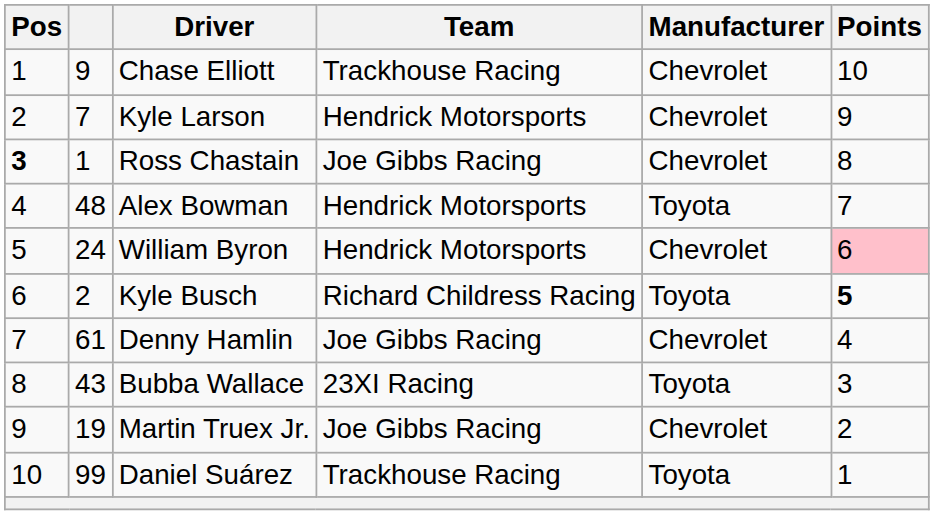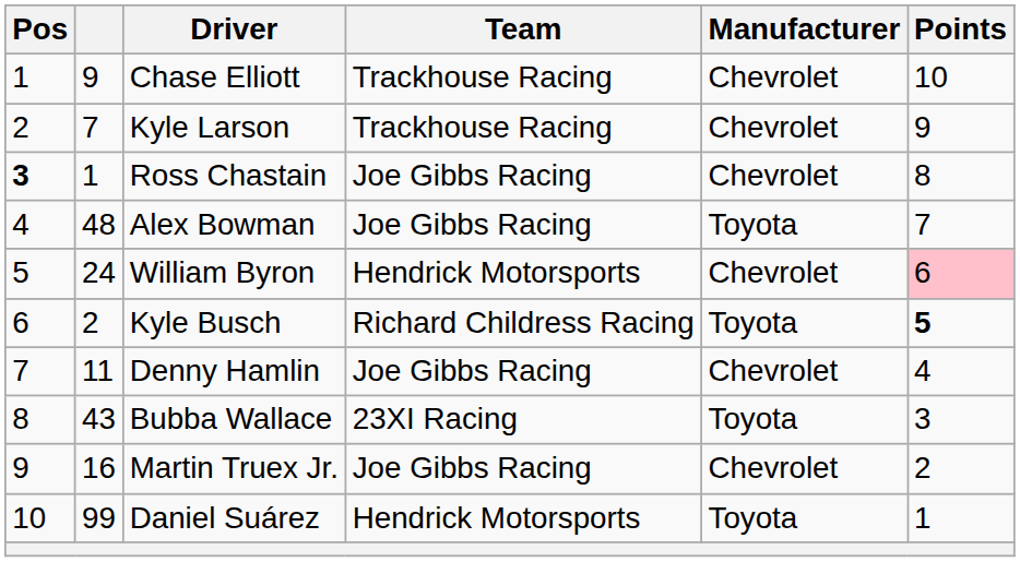 <table class="wikitable" style="font-size:98%">
 <tr>
 <th>Pos</th>
 <th></th>
 <th>Driver</th>
 <th>Team</th>
 <th>Manufacturer</th>
 <th>Points</th>
 </tr>
 <tr>
 <td>1</td>
 <td>9</td>
 <td>Chase Elliott</td>
 <td>Trackhouse Racing</td>
 <td>Chevrolet</td>
 <td>10</td>
 </tr>
 <tr>
 <td>2</td>
 <td>7</td>
 <td>Kyle Larson</td>
-<td>Hendrick Motorsports</td>
+<td>Trackhouse Racing</td>
 <td>Chevrolet</td>
 <td>9</td>
 </tr>
 <tr>
 <td><strong>3</strong></td>
 <td>1</td>
 <td>Ross Chastain</td>
 <td>Joe Gibbs Racing</td>
 <td>Chevrolet</td>
 <td>8</td>
 </tr>
 <tr>
 <td>4</td>
 <td>48</td>
 <td>Alex Bowman</td>
-<td>Hendrick Motorsports</td>
+<td>Joe Gibbs Racing</td>
 <td>Toyota</td>
 <td>7</td>
 </tr>
 <tr>
 <td>5</td>
 <td>24</td>
 <td>William Byron</td>
 <td>Hendrick Motorsports</td>
 <td>Chevrolet</td>
 <td style="background: pink;">6</td>
 </tr>
 <tr>
 <td>6</td>
 <td>2</td>
 <td>Kyle Busch</td>
 <td>Richard Childress Racing</td>
 <td>Toyota</td>
 <td><strong>5</strong></td>
 </tr>
 <tr>
 <td>7</td>
-<td>61</td>
+<td>11</td>
 <td>Denny Hamlin</td>
 <td>Joe Gibbs Racing</td>
 <td>Chevrolet</td>
 <td>4</td>
 </tr>
 <tr>
 <td>8</td>
 <td>43</td>
 <td>Bubba Wallace</td>
 <td>23XI Racing</td>
 <td>Toyota</td>
 <td>3</td>
 </tr>
 <tr>
 <td>9</td>
-<td>19</td>
+<td>16</td>
 <td>Martin Truex Jr.</td>
 <td>Joe Gibbs Racing</td>
 <td>Chevrolet</td>
 <td>2</td>
 </tr>
 <tr>
 <td>10</td>
 <td>99</td>
 <td>Daniel Suárez</td>
-<td>Trackhouse Racing</td>
+<td>Hendrick Motorsports</td>
 <td>Toyota</td>
 <td>1</td>
 </tr>
 <tr>
 <th colspan="6"></th>
 </tr>
 </table>
